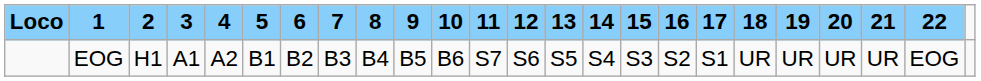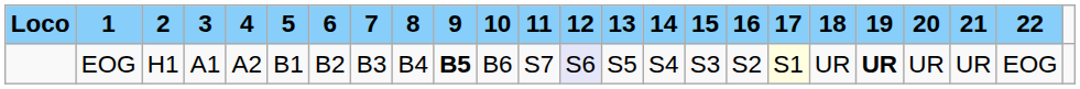 <table class="wikitable plainrowheaders unsortable" style="text-align:center">
 <tr>
 <th scope="col" rowspan="1" style="background:lightskyblue;">Loco</th>
 <th scope="col" rowspan="1" style="background:lightskyblue;">1</th>
 <th scope="col" rowspan="1" style="background:lightskyblue;">2</th>
 <th scope="col" rowspan="1" style="background:lightskyblue;">3</th>
 <th scope="col" rowspan="1" style="background:lightskyblue;">4</th>
 <th scope="col" rowspan="1" style="background:lightskyblue;">5</th>
 <th scope="col" rowspan="1" style="background:lightskyblue;">6</th>
 <th scope="col" rowspan="1" style="background:lightskyblue;">7</th>
 <th scope="col" rowspan="1" style="background:lightskyblue;">8</th>
 <th scope="col" rowspan="1" style="background:lightskyblue;">9</th>
 <th scope="col" rowspan="1" style="background:lightskyblue;">10</th>
 <th scope="col" rowspan="1" style="background:lightskyblue;">11</th>
 <th scope="col" rowspan="1" style="background:lightskyblue;">12</th>
 <th scope="col" rowspan="1" style="background:lightskyblue;">13</th>
 <th scope="col" rowspan="1" style="background:lightskyblue;">14</th>
 <th scope="col" rowspan="1" style="background:lightskyblue;">15</th>
 <th scope="col" rowspan="1" style="background:lightskyblue;">16</th>
 <th scope="col" rowspan="1" style="background:lightskyblue;">17</th>
 <th scope="col" rowspan="1" style="background:lightskyblue;">18</th>
 <th scope="col" rowspan="1" style="background:lightskyblue;">19</th>
 <th scope="col" rowspan="1" style="background:lightskyblue;">20</th>
 <th scope="col" rowspan="1" style="background:lightskyblue;">21</th>
 <th scope="col" rowspan="1" style="background:lightskyblue;">22</th>
 </tr>
 <tr>
 <td></td>
 <td>EOG</td>
 <td>H1</td>
 <td>A1</td>
 <td>A2</td>
 <td>B1</td>
 <td>B2</td>
 <td>B3</td>
 <td>B4</td>
-<td>B5</td>
+<td><strong>B5</strong></td>
 <td>B6</td>
 <td>S7</td>
-<td>S6</td>
+<td style="background: lavender;">S6</td>
 <td>S5</td>
 <td>S4</td>
 <td>S3</td>
 <td>S2</td>
-<td>S1</td>
+<td style="background: lightyellow;">S1</td>
 <td>UR</td>
-<td>UR</td>
+<td><strong>UR</strong></td>
 <td>UR</td>
 <td>UR</td>
 <td>EOG</td>
 <td></td>
 </tr>
 </table>
